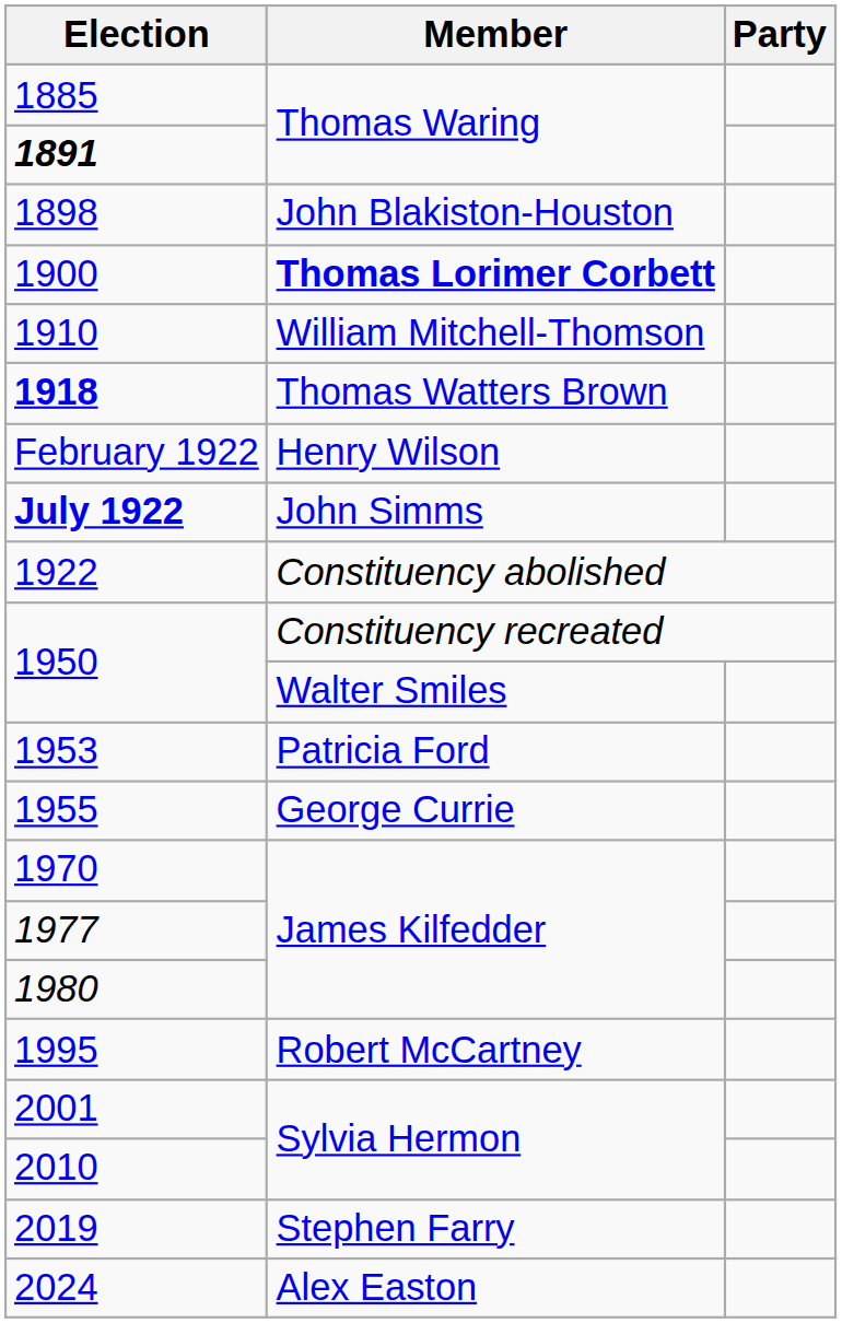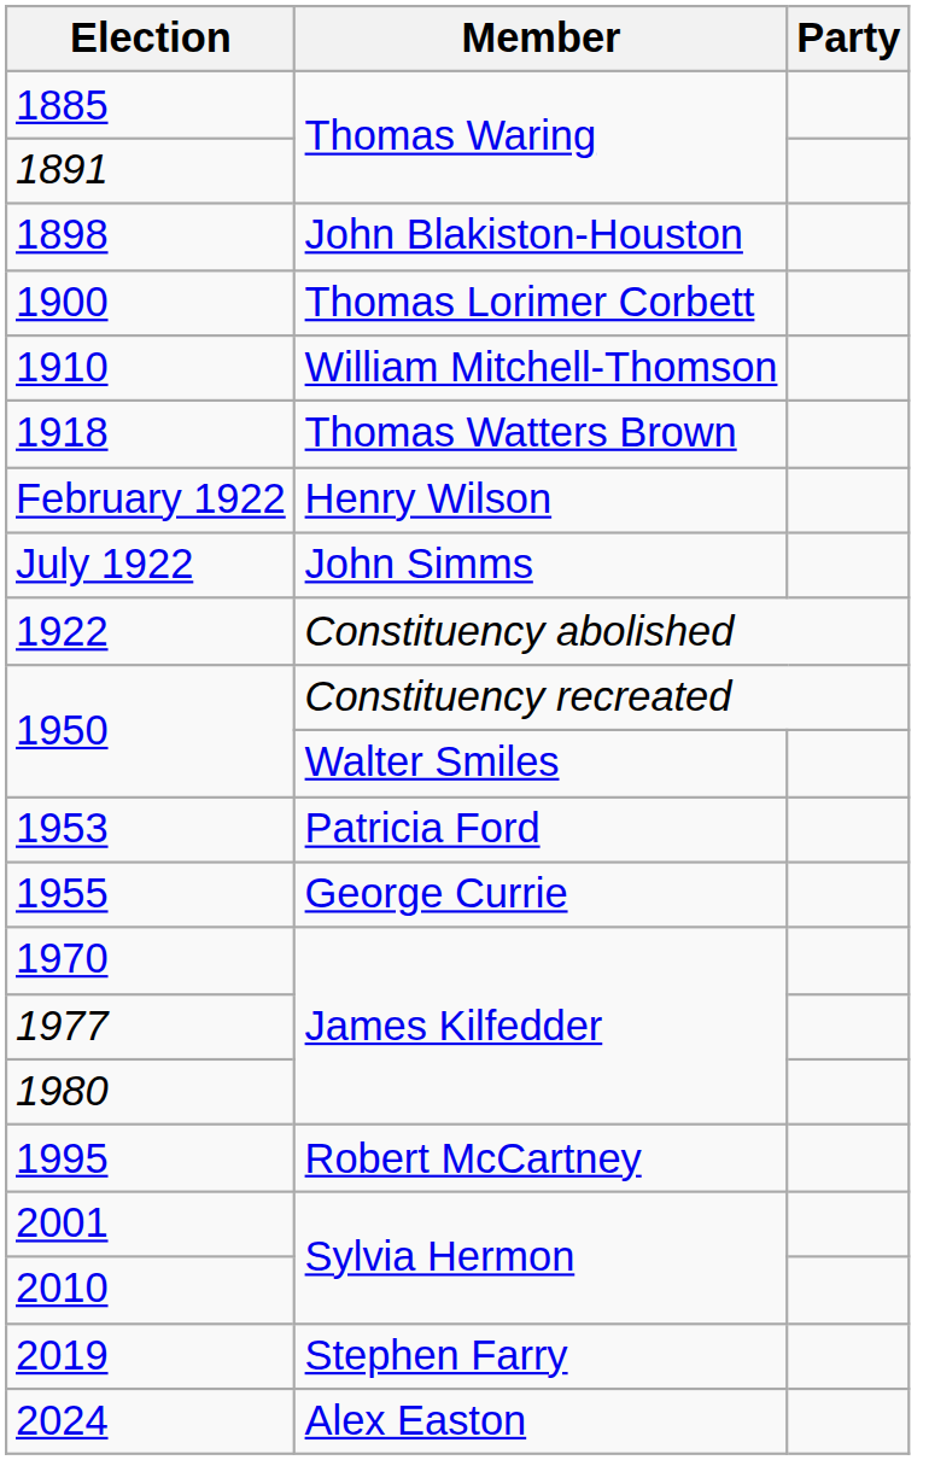 <table class="wikitable">
 <tr>
 <th>Election</th>
 <th>Member</th>
 <th colspan="2">Party</th>
 </tr>
 <tr>
 <td><a href='#'>1885</a></td>
 <td rowspan="2"><a href='#'>Thomas Waring</a></td>
 <td></td>
 </tr>
 <tr>
-<td><strong><em>1891</em></strong></td>
+<td><em>1891</em></td>
 <td></td>
 </tr>
 <tr>
 <td><a href='#'>1898</a></td>
 <td><a href='#'>John Blakiston-Houston</a></td>
 <td></td>
 </tr>
 <tr>
 <td><a href='#'>1900</a></td>
-<td><strong><a href='#'>Thomas Lorimer Corbett</a></strong></td>
+<td><a href='#'>Thomas Lorimer Corbett</a></td>
 <td></td>
 </tr>
 <tr>
 <td><a href='#'>1910</a></td>
 <td><a href='#'>William Mitchell-Thomson</a></td>
 <td></td>
 </tr>
 <tr>
-<td><strong><a href='#'>1918</a></strong></td>
+<td><a href='#'>1918</a></td>
 <td><a href='#'>Thomas Watters Brown</a></td>
 <td></td>
 </tr>
 <tr>
 <td><a href='#'>February 1922</a></td>
 <td><a href='#'>Henry Wilson</a></td>
 <td></td>
 </tr>
 <tr>
-<td><strong><a href='#'>July 1922</a></strong></td>
+<td><a href='#'>July 1922</a></td>
 <td><a href='#'>John Simms</a></td>
 <td></td>
 </tr>
 <tr>
 <td><a href='#'>1922</a></td>
 <td colspan="3"><em>Constituency abolished</em></td>
 </tr>
 <tr>
 <td rowspan="2"><a href='#'>1950</a></td>
 <td colspan="3"><em>Constituency recreated</em></td>
 </tr>
 <tr>
 <td><a href='#'>Walter Smiles</a></td>
 <td></td>
 </tr>
 <tr>
 <td><a href='#'>1953</a></td>
 <td><a href='#'>Patricia Ford</a></td>
 <td></td>
 </tr>
 <tr>
 <td><a href='#'>1955</a></td>
 <td><a href='#'>George Currie</a></td>
 <td></td>
 </tr>
 <tr>
 <td><a href='#'>1970</a></td>
 <td rowspan="3"><a href='#'>James Kilfedder</a></td>
 <td></td>
 </tr>
 <tr>
 <td><em>1977</em></td>
 <td></td>
 </tr>
 <tr>
 <td><em>1980</em></td>
 <td></td>
 </tr>
 <tr>
 <td><a href='#'>1995</a></td>
 <td><a href='#'>Robert McCartney</a></td>
 <td></td>
 </tr>
 <tr>
 <td><a href='#'>2001</a></td>
 <td rowspan="2"><a href='#'>Sylvia Hermon</a></td>
 <td></td>
 </tr>
 <tr>
 <td><a href='#'>2010</a></td>
 <td></td>
 </tr>
 <tr>
 <td><a href='#'>2019</a></td>
 <td><a href='#'>Stephen Farry</a></td>
 <td></td>
 </tr>
 <tr>
 <td><a href='#'>2024</a></td>
 <td><a href='#'>Alex Easton</a></td>
 <td></td>
 </tr>
 </table>
